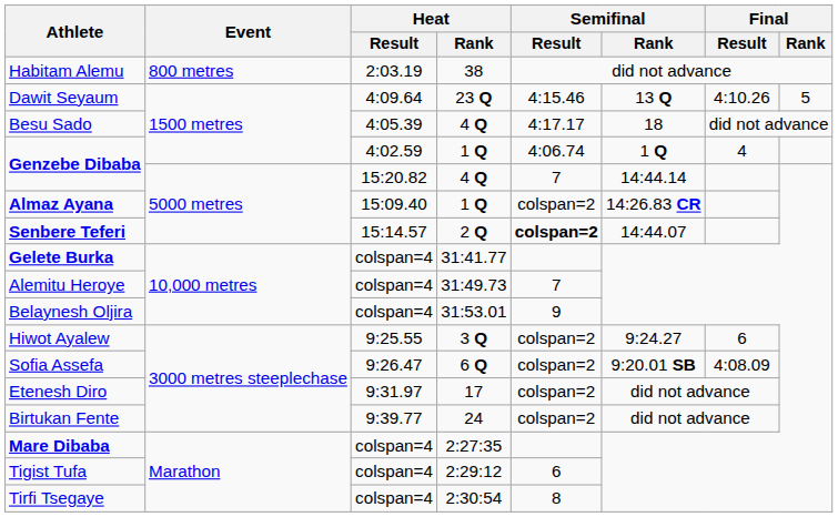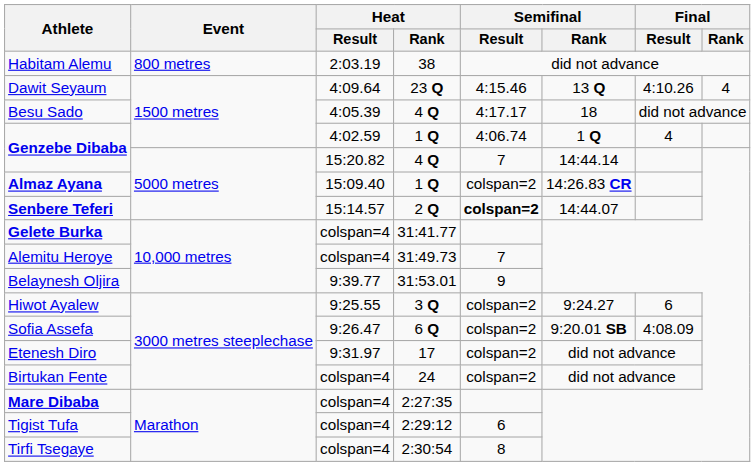 <table class="wikitable" style="font-size:90%">
 <tr>
 <th rowspan="2">Athlete</th>
 <th rowspan="2">Event</th>
 <th colspan="2">Heat</th>
 <th colspan="2">Semifinal</th>
 <th colspan="2">Final</th>
 </tr>
 <tr style="font-size:95%">
 <th>Result</th>
 <th>Rank</th>
 <th>Result</th>
 <th>Rank</th>
 <th>Result</th>
 <th>Rank</th>
 </tr>
 <tr style=text-align:center>
 <td style=text-align:left><a href='#'>Habitam Alemu</a></td>
 <td style=text-align:left><a href='#'>800 metres</a></td>
 <td>2:03.19</td>
 <td>38</td>
 <td colspan=4>did not advance</td>
 </tr>
 <tr style=text-align:center>
 <td style=text-align:left><a href='#'>Dawit Seyaum</a></td>
 <td style=text-align:left rowspan=3><a href='#'>1500 metres</a></td>
 <td>4:09.64</td>
 <td>23 <strong>Q</strong></td>
 <td>4:15.46</td>
 <td>13 <strong>Q</strong></td>
 <td>4:10.26</td>
-<td>5</td>
+<td>4</td>
 </tr>
 <tr style=text-align:center>
 <td style=text-align:left><a href='#'>Besu Sado</a></td>
 <td>4:05.39</td>
 <td>4 <strong>Q</strong></td>
 <td>4:17.17</td>
 <td>18</td>
 <td colspan=2>did not advance</td>
 </tr>
 <tr style=text-align:center>
 <td style=text-align:left  rowspan=2><strong><a href='#'>Genzebe Dibaba</a></strong></td>
 <td>4:02.59</td>
 <td>1 <strong>Q</strong></td>
 <td>4:06.74</td>
 <td>1 <strong>Q</strong></td>
 <td>4</td>
 <td></td>
 </tr>
 <tr style=text-align:center>
 <td style=text-align:left rowspan=3><a href='#'>5000 metres</a></td>
 <td>15:20.82</td>
 <td>4 <strong>Q</strong></td>
 <td>7</td>
 <td>14:44.14</td>
 <td></td>
 </tr>
 <tr style=text-align:center>
 <td style=text-align:left><strong><a href='#'>Almaz Ayana</a></strong></td>
 <td>15:09.40</td>
 <td>1 <strong>Q</strong></td>
 <td>colspan=2 </td>
 <td>14:26.83 <strong><a href='#'>CR</a></strong></td>
 <td></td>
 </tr>
 <tr style=text-align:center>
 <td style=text-align:left><strong><a href='#'>Senbere Teferi</a></strong></td>
 <td>15:14.57</td>
 <td>2 <strong>Q</strong></td>
 <td><strong>colspan=2 </strong></td>
 <td>14:44.07</td>
 <td></td>
 </tr>
 <tr style=text-align:center>
 <td style=text-align:left><strong><a href='#'>Gelete Burka</a></strong></td>
 <td style=text-align:left rowspan=3><a href='#'>10,000 metres</a></td>
 <td>colspan=4 </td>
 <td>31:41.77</td>
 <td></td>
 </tr>
 <tr style=text-align:center>
 <td style=text-align:left><a href='#'>Alemitu Heroye</a></td>
 <td>colspan=4 </td>
 <td>31:49.73</td>
 <td>7</td>
 </tr>
 <tr style=text-align:center>
 <td style=text-align:left><a href='#'>Belaynesh Oljira</a></td>
-<td>colspan=4 </td>
+<td>9:39.77</td>
 <td>31:53.01</td>
 <td>9</td>
 </tr>
 <tr style=text-align:center>
 <td style=text-align:left><a href='#'>Hiwot Ayalew</a></td>
 <td style=text-align:left rowspan=4><a href='#'>3000 metres steeplechase</a></td>
 <td>9:25.55</td>
 <td>3 <strong>Q</strong></td>
 <td>colspan=2 </td>
 <td>9:24.27</td>
 <td>6</td>
 </tr>
 <tr style=text-align:center>
 <td style=text-align:left><a href='#'>Sofia Assefa</a></td>
 <td>9:26.47</td>
 <td>6 <strong>Q</strong></td>
 <td>colspan=2 </td>
 <td>9:20.01 <strong>SB</strong></td>
 <td>4:08.09</td>
 </tr>
 <tr style=text-align:center>
 <td style=text-align:left><a href='#'>Etenesh Diro</a></td>
 <td>9:31.97</td>
 <td>17</td>
 <td>colspan=2 </td>
 <td colspan=2>did not advance</td>
 </tr>
 <tr style=text-align:center>
 <td style=text-align:left><a href='#'>Birtukan Fente</a></td>
-<td>9:39.77</td>
+<td>colspan=4 </td>
 <td>24</td>
 <td>colspan=2 </td>
 <td colspan=2>did not advance</td>
 </tr>
 <tr style=text-align:center>
 <td style=text-align:left><strong><a href='#'>Mare Dibaba</a></strong></td>
 <td style=text-align:left rowspan=3><a href='#'>Marathon</a></td>
 <td>colspan=4 </td>
 <td>2:27:35</td>
 <td></td>
 </tr>
 <tr style=text-align:center>
 <td style=text-align:left><a href='#'>Tigist Tufa</a></td>
 <td>colspan=4 </td>
 <td>2:29:12</td>
 <td>6</td>
 </tr>
 <tr style=text-align:center>
 <td style=text-align:left><a href='#'>Tirfi Tsegaye</a></td>
 <td>colspan=4 </td>
 <td>2:30:54</td>
 <td>8</td>
 </tr>
 </table>
